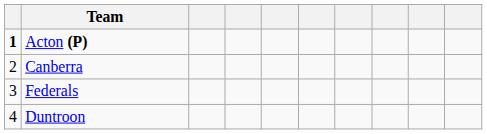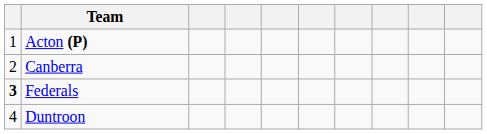 <table class="wikitable" style="text-align:center; margin-bottom:0">
 <tr>
 <th style="width:10px"></th>
 <th style="width:35%;">Team</th>
 <th style="width:30px;"></th>
 <th style="width:30px;"></th>
 <th style="width:30px;"></th>
 <th style="width:30px;"></th>
 <th style="width:30px;"></th>
 <th style="width:30px;"></th>
 <th style="width:30px;"></th>
 <th style="width:30px;"></th>
 </tr>
 <tr>
-<td><strong>1</strong></td>
+<td>1</td>
 <td style="text-align:left;"><a href='#'>Acton</a> <strong>(P)</strong></td>
 <td></td>
 <td></td>
 <td></td>
 <td></td>
 <td></td>
 <td></td>
 <td></td>
 <td></td>
 </tr>
 <tr>
 <td>2</td>
 <td style="text-align:left;"><a href='#'>Canberra</a></td>
 <td></td>
 <td></td>
 <td></td>
 <td></td>
 <td></td>
 <td></td>
 <td></td>
 <td></td>
 </tr>
 <tr>
-<td>3</td>
+<td><strong>3</strong></td>
 <td style="text-align:left;"><a href='#'>Federals</a></td>
 <td></td>
 <td></td>
 <td></td>
 <td></td>
 <td></td>
 <td></td>
 <td></td>
 <td></td>
 </tr>
 <tr>
 <td>4</td>
 <td style="text-align:left;"><a href='#'>Duntroon</a></td>
 <td></td>
 <td></td>
 <td></td>
 <td></td>
 <td></td>
 <td></td>
 <td></td>
 <td></td>
 </tr>
 </table>
